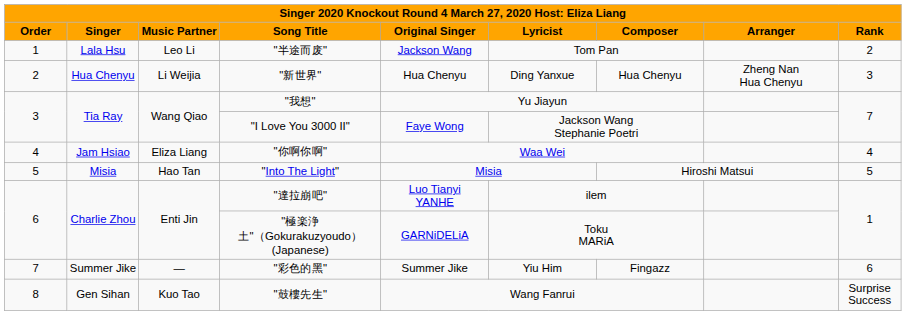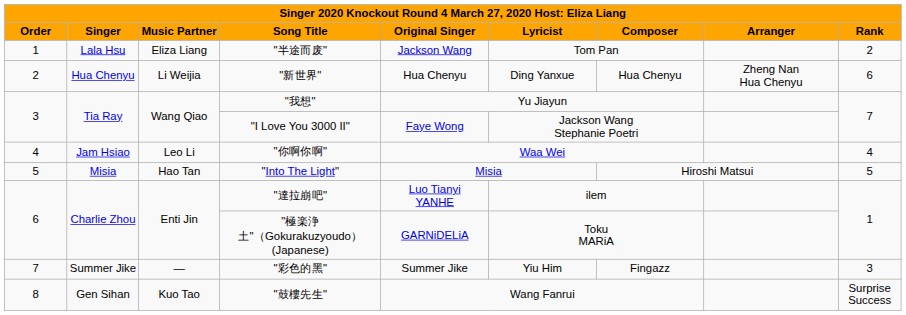 <table class="wikitable sortable mw-collapsible" width="100%" style="text-align:center">
 <tr align=center style="background:orange">
 <td colspan="9"><div><strong>Singer 2020 Knockout Round 4 March 27, 2020 Host: Eliza Liang</strong></div></td>
 </tr>
 <tr style="background:orange">
 <td style="width:7%"><strong>Order</strong></td>
 <td style="width:8%"><strong>Singer</strong></td>
 <td style="width:9%"><strong>Music Partner</strong></td>
 <td style="width:18%"><strong>Song Title</strong></td>
 <td style="width:12%"><strong>Original Singer</strong></td>
 <td style="width:12% "><strong>Lyricist</strong></td>
 <td style="width:12%"><strong>Composer</strong></td>
 <td style="width:15%"><strong>Arranger</strong></td>
 <td style="width:7%"><strong>Rank</strong></td>
 </tr>
 <tr>
 <td>1</td>
 <td><a href='#'>Lala Hsu</a></td>
-<td>Leo Li</td>
+<td>Eliza Liang</td>
 <td>"半途而废"</td>
 <td><a href='#'>Jackson Wang</a></td>
 <td colspan=2>Tom Pan</td>
 <td></td>
 <td>2</td>
 </tr>
 <tr>
 <td>2</td>
 <td><a href='#'>Hua Chenyu</a></td>
 <td>Li Weijia</td>
 <td>"新世界"</td>
 <td>Hua Chenyu</td>
 <td>Ding Yanxue</td>
 <td>Hua Chenyu</td>
 <td>Zheng Nan<br>Hua Chenyu</td>
-<td>3</td>
+<td>6</td>
 </tr>
 <tr>
 <td rowspan=2>3</td>
 <td rowspan=2><a href='#'>Tia Ray</a></td>
 <td rowspan=2>Wang Qiao</td>
 <td>"我想"</td>
 <td colspan=3>Yu Jiayun</td>
 <td></td>
 <td rowspan=2>7</td>
 </tr>
 <tr>
 <td>"I Love You 3000 II"</td>
 <td><a href='#'>Faye Wong</a></td>
 <td colspan=2>Jackson Wang<br>Stephanie Poetri</td>
 <td></td>
 </tr>
 <tr>
 <td>4</td>
 <td><a href='#'>Jam Hsiao</a></td>
-<td>Eliza Liang</td>
+<td>Leo Li</td>
 <td>"你啊你啊"</td>
 <td colspan=3><a href='#'>Waa Wei</a></td>
 <td></td>
 <td>4</td>
 </tr>
 <tr>
 <td>5</td>
 <td><a href='#'>Misia</a></td>
 <td>Hao Tan</td>
 <td>"<a href='#'>Into The Light</a>"</td>
 <td colspan=2><a href='#'>Misia</a></td>
 <td colspan=2>Hiroshi Matsui</td>
 <td>5</td>
 </tr>
 <tr>
 <td rowspan=2>6</td>
 <td rowspan=2><a href='#'>Charlie Zhou</a></td>
 <td rowspan=2>Enti Jin</td>
 <td>"達拉崩吧"</td>
 <td><a href='#'>Luo Tianyi</a> <br><a href='#'>YANHE</a></td>
 <td colspan=2>ilem</td>
 <td></td>
 <td rowspan=2>1</td>
 </tr>
 <tr>
 <td>"極楽浄土"（Gokurakuzyoudo） (Japanese)</td>
 <td><a href='#'>GARNiDELiA</a></td>
 <td colspan=2>Toku<br>MARiA</td>
 <td></td>
 </tr>
 <tr>
 <td>7</td>
 <td>Summer Jike</td>
 <td>—</td>
 <td>"彩色的黑"</td>
 <td>Summer Jike</td>
 <td>Yiu Him</td>
 <td>Fingazz</td>
 <td></td>
-<td>6</td>
+<td>3</td>
 </tr>
 <tr>
 <td>8</td>
 <td>Gen Sihan</td>
 <td>Kuo Tao</td>
 <td>"鼓樓先生"</td>
 <td colspan=3>Wang Fanrui</td>
 <td></td>
 <td>Surprise Success</td>
 </tr>
 </table>
